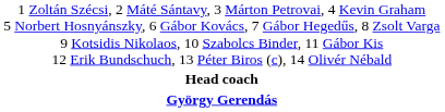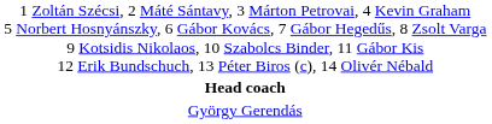 <table style="text-align: center; margin-top: 2em; margin-left: auto; margin-right: auto">
 <tr>
 <td>1 <a href='#'>Zoltán Szécsi</a>, 2 <a href='#'>Máté Sántavy</a>, 3 <a href='#'>Márton Petrovai</a>, 4 <a href='#'>Kevin Graham</a><br>5 <a href='#'>Norbert Hosnyánszky</a>, 6 <a href='#'>Gábor Kovács</a>, 7 <a href='#'>Gábor Hegedűs</a>, 8 <a href='#'>Zsolt Varga</a><br>9 <a href='#'>Kotsidis Nikolaos</a>,  10 <a href='#'>Szabolcs Binder</a>, 11 <a href='#'>Gábor Kis</a><br>12 <a href='#'>Erik Bundschuch</a>, 13 <a href='#'>Péter Biros</a> (<a href='#'>c</a>), 14 <a href='#'>Olivér Nébald</a></td>
 </tr>
 <tr>
 <td><strong>Head coach</strong></td>
 </tr>
 <tr>
-<td><strong><a href='#'>György Gerendás</a></strong></td>
+<td><a href='#'>György Gerendás</a></td>
 </tr>
 </table>
